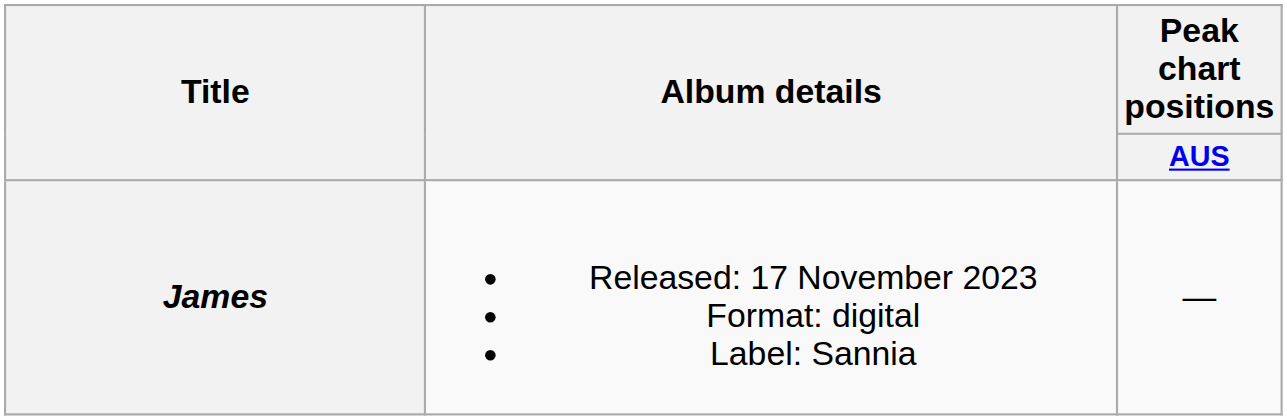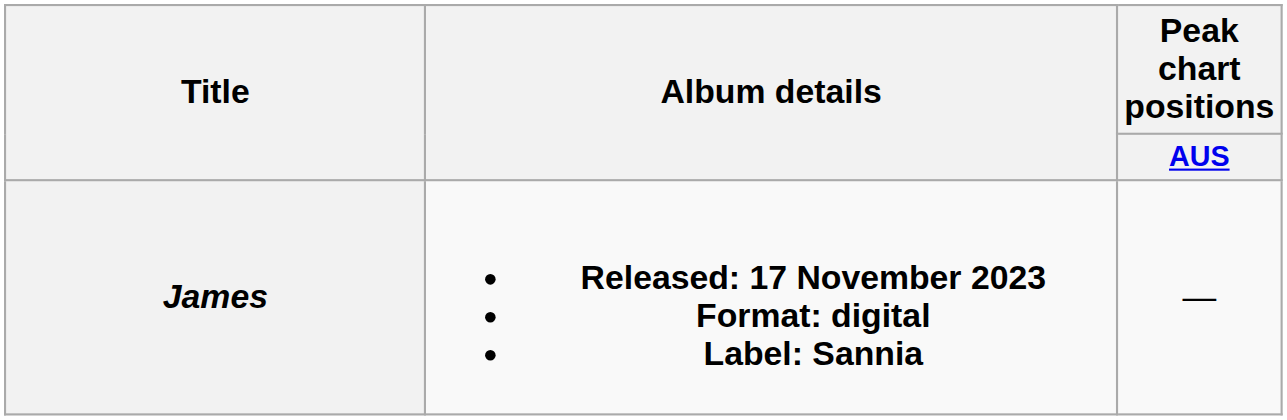 <table class="wikitable plainrowheaders" style="text-align:center;" border="1">
 <tr>
 <th scope="col" rowspan="2" style="width:12em;">Title</th>
 <th scope="col" rowspan="2" style="width:20em;">Album details</th>
 <th scope="col" colspan="1">Peak chart<br>positions</th>
 </tr>
 <tr>
 <th scope="col" style="width:3em; font-size:85%"><a href='#'>AUS</a></th>
 </tr>
 <tr>
 <th scope="row"><em>James</em></th>
-<td><br><ul><li>Released: 17 November 2023</li><li>Format: digital</li><li>Label: Sannia</li></ul></td>
+<td><strong><br><ul><li>Released: 17 November 2023</li><li>Format: digital</li><li>Label: Sannia</li></ul></strong></td>
 <td>—</td>
 </tr>
 </table>
